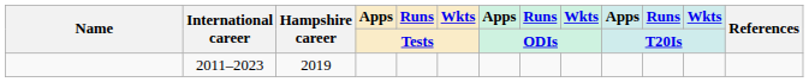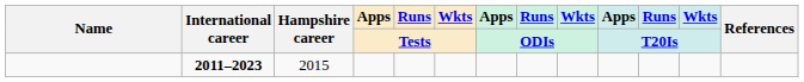 <table class="wikitable sortable" style="text-align: center;">
 <tr>
 <th style="width:180px" rowspan="2">Name</th>
 <th rowspan="2">International<br>career</th>
 <th rowspan="2">Hampshire<br>career</th>
 <th style="background:#faecc8">Apps</th>
 <th style="background:#faecc8"><a href='#'>Runs</a></th>
 <th style="background:#faecc8"><a href='#'>Wkts</a></th>
 <th style="background:#cef2e0">Apps</th>
 <th style="background:#cef2e0"><a href='#'>Runs</a></th>
 <th style="background:#cef2e0"><a href='#'>Wkts</a></th>
 <th style="background:#CFECEC">Apps</th>
 <th style="background:#CFECEC"><a href='#'>Runs</a></th>
 <th style="background:#CFECEC"><a href='#'>Wkts</a></th>
 <th class="unsortable" rowspan="2">References</th>
 </tr>
 <tr class="unsortable">
 <th colspan="3" style="background:#faecc8"><a href='#'>Tests</a></th>
 <th colspan="3" style="background:#cef2e0"><a href='#'>ODIs</a></th>
 <th colspan="3" style="background:#CFECEC"><a href='#'>T20Is</a></th>
 </tr>
 <tr>
 <td></td>
-<td>2011–2023</td>
-<td>2019</td>
+<td><strong>2011–2023</strong></td>
+<td>2015</td>
 <td></td>
 <td></td>
 <td></td>
 <td></td>
 <td></td>
 <td></td>
 <td></td>
 <td></td>
 <td></td>
 <td></td>
 </tr>
 </table>
